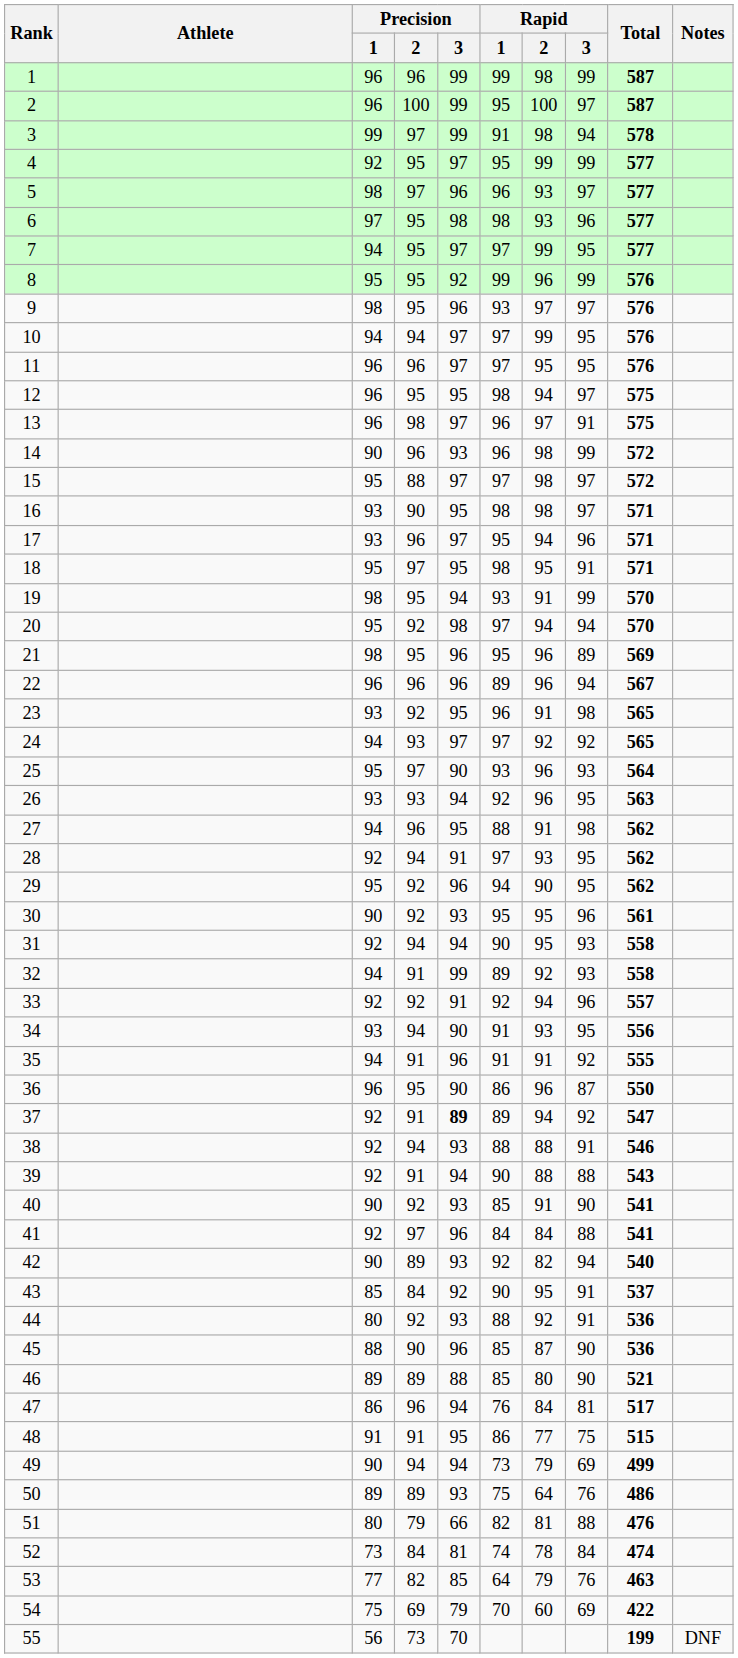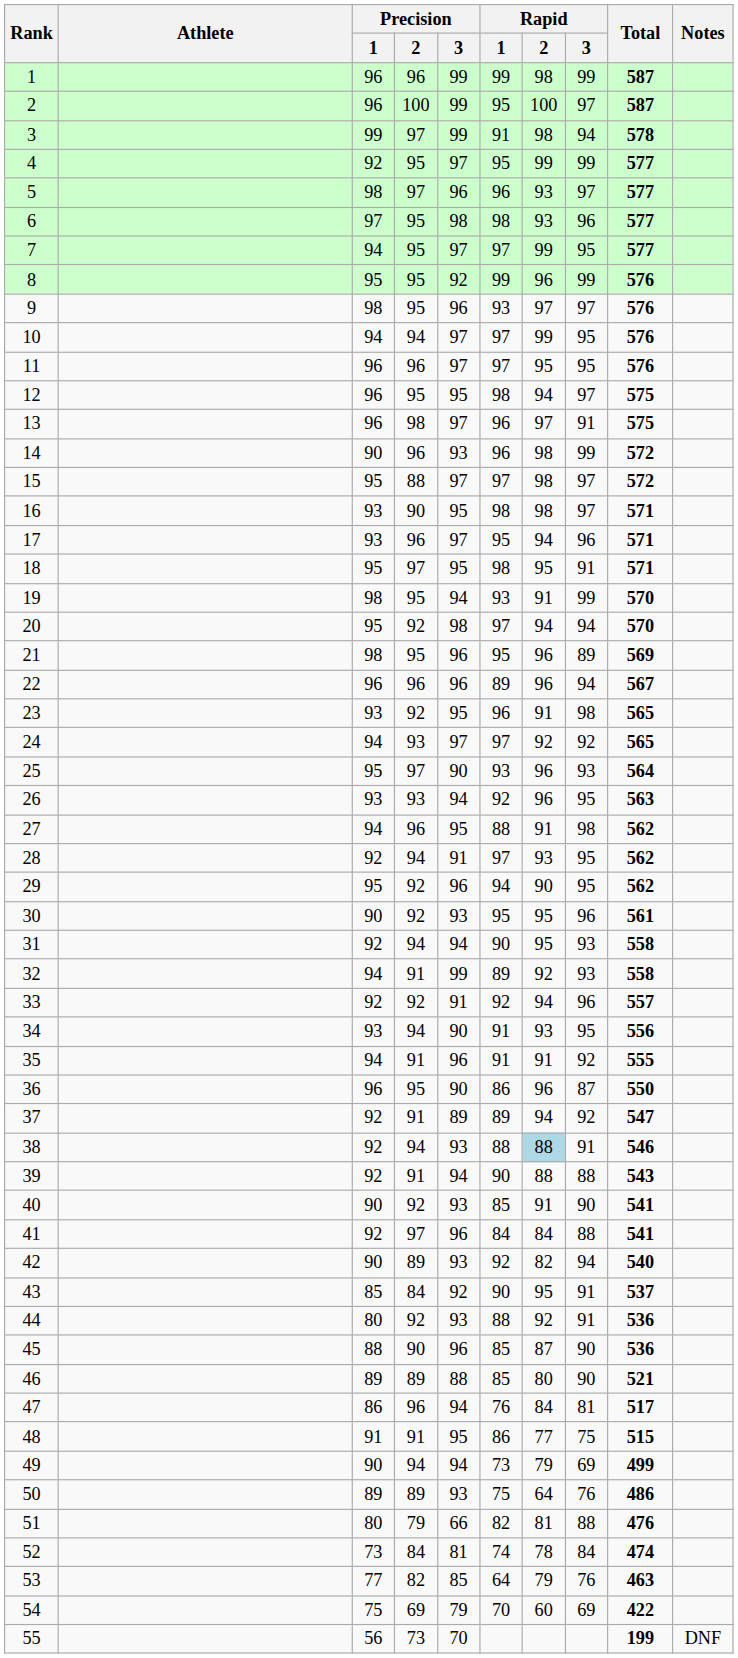 <table class="wikitable" style="text-align:center">
 <tr>
 <th rowspan=2 width=40>Rank</th>
 <th rowspan=2 width=250>Athlete</th>
 <th colspan=3>Precision</th>
 <th colspan=3>Rapid</th>
 <th rowspan=2 width=50>Total</th>
 <th rowspan=2 width=45>Notes</th>
 </tr>
 <tr>
 <th width=30>1</th>
 <th width=30>2</th>
 <th width=30>3</th>
 <th width=30>1</th>
 <th width=30>2</th>
 <th width=30>3</th>
 </tr>
 <tr bgcolor=ccffcc>
 <td>1</td>
 <td align=left></td>
 <td>96</td>
 <td>96</td>
 <td>99</td>
 <td>99</td>
 <td>98</td>
 <td>99</td>
 <td><strong>587</strong></td>
 <td></td>
 </tr>
 <tr bgcolor=ccffcc>
 <td>2</td>
 <td align=left></td>
 <td>96</td>
 <td>100</td>
 <td>99</td>
 <td>95</td>
 <td>100</td>
 <td>97</td>
 <td><strong>587</strong></td>
 <td></td>
 </tr>
 <tr bgcolor=ccffcc>
 <td>3</td>
 <td align=left></td>
 <td>99</td>
 <td>97</td>
 <td>99</td>
 <td>91</td>
 <td>98</td>
 <td>94</td>
 <td><strong>578</strong></td>
 <td></td>
 </tr>
 <tr bgcolor=ccffcc>
 <td>4</td>
 <td align=left></td>
 <td>92</td>
 <td>95</td>
 <td>97</td>
 <td>95</td>
 <td>99</td>
 <td>99</td>
 <td><strong>577</strong></td>
 <td></td>
 </tr>
 <tr bgcolor=ccffcc>
 <td>5</td>
 <td align=left></td>
 <td>98</td>
 <td>97</td>
 <td>96</td>
 <td>96</td>
 <td>93</td>
 <td>97</td>
 <td><strong>577</strong></td>
 <td></td>
 </tr>
 <tr bgcolor=ccffcc>
 <td>6</td>
 <td align=left></td>
 <td>97</td>
 <td>95</td>
 <td>98</td>
 <td>98</td>
 <td>93</td>
 <td>96</td>
 <td><strong>577</strong></td>
 <td></td>
 </tr>
 <tr bgcolor=ccffcc>
 <td>7</td>
 <td align=left></td>
 <td>94</td>
 <td>95</td>
 <td>97</td>
 <td>97</td>
 <td>99</td>
 <td>95</td>
 <td><strong>577</strong></td>
 <td></td>
 </tr>
 <tr bgcolor=ccffcc>
 <td>8</td>
 <td align=left></td>
 <td>95</td>
 <td>95</td>
 <td>92</td>
 <td>99</td>
 <td>96</td>
 <td>99</td>
 <td><strong>576</strong></td>
 <td></td>
 </tr>
 <tr>
 <td>9</td>
 <td align=left></td>
 <td>98</td>
 <td>95</td>
 <td>96</td>
 <td>93</td>
 <td>97</td>
 <td>97</td>
 <td><strong>576</strong></td>
 <td></td>
 </tr>
 <tr>
 <td>10</td>
 <td align=left></td>
 <td>94</td>
 <td>94</td>
 <td>97</td>
 <td>97</td>
 <td>99</td>
 <td>95</td>
 <td><strong>576</strong></td>
 <td></td>
 </tr>
 <tr>
 <td>11</td>
 <td align=left></td>
 <td>96</td>
 <td>96</td>
 <td>97</td>
 <td>97</td>
 <td>95</td>
 <td>95</td>
 <td><strong>576</strong></td>
 <td></td>
 </tr>
 <tr>
 <td>12</td>
 <td align=left></td>
 <td>96</td>
 <td>95</td>
 <td>95</td>
 <td>98</td>
 <td>94</td>
 <td>97</td>
 <td><strong>575</strong></td>
 <td></td>
 </tr>
 <tr>
 <td>13</td>
 <td align=left></td>
 <td>96</td>
 <td>98</td>
 <td>97</td>
 <td>96</td>
 <td>97</td>
 <td>91</td>
 <td><strong>575</strong></td>
 <td></td>
 </tr>
 <tr>
 <td>14</td>
 <td align=left></td>
 <td>90</td>
 <td>96</td>
 <td>93</td>
 <td>96</td>
 <td>98</td>
 <td>99</td>
 <td><strong>572</strong></td>
 <td></td>
 </tr>
 <tr>
 <td>15</td>
 <td align=left></td>
 <td>95</td>
 <td>88</td>
 <td>97</td>
 <td>97</td>
 <td>98</td>
 <td>97</td>
 <td><strong>572</strong></td>
 <td></td>
 </tr>
 <tr>
 <td>16</td>
 <td align=left></td>
 <td>93</td>
 <td>90</td>
 <td>95</td>
 <td>98</td>
 <td>98</td>
 <td>97</td>
 <td><strong>571</strong></td>
 <td></td>
 </tr>
 <tr>
 <td>17</td>
 <td align=left></td>
 <td>93</td>
 <td>96</td>
 <td>97</td>
 <td>95</td>
 <td>94</td>
 <td>96</td>
 <td><strong>571</strong></td>
 <td></td>
 </tr>
 <tr>
 <td>18</td>
 <td align=left></td>
 <td>95</td>
 <td>97</td>
 <td>95</td>
 <td>98</td>
 <td>95</td>
 <td>91</td>
 <td><strong>571</strong></td>
 <td></td>
 </tr>
 <tr>
 <td>19</td>
 <td align=left></td>
 <td>98</td>
 <td>95</td>
 <td>94</td>
 <td>93</td>
 <td>91</td>
 <td>99</td>
 <td><strong>570</strong></td>
 <td></td>
 </tr>
 <tr>
 <td>20</td>
 <td align=left></td>
 <td>95</td>
 <td>92</td>
 <td>98</td>
 <td>97</td>
 <td>94</td>
 <td>94</td>
 <td><strong>570</strong></td>
 <td></td>
 </tr>
 <tr>
 <td>21</td>
 <td align=left></td>
 <td>98</td>
 <td>95</td>
 <td>96</td>
 <td>95</td>
 <td>96</td>
 <td>89</td>
 <td><strong>569</strong></td>
 <td></td>
 </tr>
 <tr>
 <td>22</td>
 <td align=left></td>
 <td>96</td>
 <td>96</td>
 <td>96</td>
 <td>89</td>
 <td>96</td>
 <td>94</td>
 <td><strong>567</strong></td>
 <td></td>
 </tr>
 <tr>
 <td>23</td>
 <td align=left></td>
 <td>93</td>
 <td>92</td>
 <td>95</td>
 <td>96</td>
 <td>91</td>
 <td>98</td>
 <td><strong>565</strong></td>
 <td></td>
 </tr>
 <tr>
 <td>24</td>
 <td align=left></td>
 <td>94</td>
 <td>93</td>
 <td>97</td>
 <td>97</td>
 <td>92</td>
 <td>92</td>
 <td><strong>565</strong></td>
 <td></td>
 </tr>
 <tr>
 <td>25</td>
 <td align=left></td>
 <td>95</td>
 <td>97</td>
 <td>90</td>
 <td>93</td>
 <td>96</td>
 <td>93</td>
 <td><strong>564</strong></td>
 <td></td>
 </tr>
 <tr>
 <td>26</td>
 <td align=left></td>
 <td>93</td>
 <td>93</td>
 <td>94</td>
 <td>92</td>
 <td>96</td>
 <td>95</td>
 <td><strong>563</strong></td>
 <td></td>
 </tr>
 <tr>
 <td>27</td>
 <td align=left></td>
 <td>94</td>
 <td>96</td>
 <td>95</td>
 <td>88</td>
 <td>91</td>
 <td>98</td>
 <td><strong>562</strong></td>
 <td></td>
 </tr>
 <tr>
 <td>28</td>
 <td align=left></td>
 <td>92</td>
 <td>94</td>
 <td>91</td>
 <td>97</td>
 <td>93</td>
 <td>95</td>
 <td><strong>562</strong></td>
 <td></td>
 </tr>
 <tr>
 <td>29</td>
 <td align=left></td>
 <td>95</td>
 <td>92</td>
 <td>96</td>
 <td>94</td>
 <td>90</td>
 <td>95</td>
 <td><strong>562</strong></td>
 <td></td>
 </tr>
 <tr>
 <td>30</td>
 <td align=left></td>
 <td>90</td>
 <td>92</td>
 <td>93</td>
 <td>95</td>
 <td>95</td>
 <td>96</td>
 <td><strong>561</strong></td>
 <td></td>
 </tr>
 <tr>
 <td>31</td>
 <td align=left></td>
 <td>92</td>
 <td>94</td>
 <td>94</td>
 <td>90</td>
 <td>95</td>
 <td>93</td>
 <td><strong>558</strong></td>
 <td></td>
 </tr>
 <tr>
 <td>32</td>
 <td align=left></td>
 <td>94</td>
 <td>91</td>
 <td>99</td>
 <td>89</td>
 <td>92</td>
 <td>93</td>
 <td><strong>558</strong></td>
 <td></td>
 </tr>
 <tr>
 <td>33</td>
 <td align=left></td>
 <td>92</td>
 <td>92</td>
 <td>91</td>
 <td>92</td>
 <td>94</td>
 <td>96</td>
 <td><strong>557</strong></td>
 <td></td>
 </tr>
 <tr>
 <td>34</td>
 <td align=left></td>
 <td>93</td>
 <td>94</td>
 <td>90</td>
 <td>91</td>
 <td>93</td>
 <td>95</td>
 <td><strong>556</strong></td>
 <td></td>
 </tr>
 <tr>
 <td>35</td>
 <td align=left></td>
 <td>94</td>
 <td>91</td>
 <td>96</td>
 <td>91</td>
 <td>91</td>
 <td>92</td>
 <td><strong>555</strong></td>
 <td></td>
 </tr>
 <tr>
 <td>36</td>
 <td align=left></td>
 <td>96</td>
 <td>95</td>
 <td>90</td>
 <td>86</td>
 <td>96</td>
 <td>87</td>
 <td><strong>550</strong></td>
 <td></td>
 </tr>
 <tr>
 <td>37</td>
 <td align=left></td>
 <td>92</td>
 <td>91</td>
-<td><strong>89</strong></td>
+<td>89</td>
 <td>89</td>
 <td>94</td>
 <td>92</td>
 <td><strong>547</strong></td>
 <td></td>
 </tr>
 <tr>
 <td>38</td>
 <td align=left></td>
 <td>92</td>
 <td>94</td>
 <td>93</td>
 <td>88</td>
-<td>88</td>
+<td style="background: lightblue;">88</td>
 <td>91</td>
 <td><strong>546</strong></td>
 <td></td>
 </tr>
 <tr>
 <td>39</td>
 <td align=left></td>
 <td>92</td>
 <td>91</td>
 <td>94</td>
 <td>90</td>
 <td>88</td>
 <td>88</td>
 <td><strong>543</strong></td>
 <td></td>
 </tr>
 <tr>
 <td>40</td>
 <td align=left></td>
 <td>90</td>
 <td>92</td>
 <td>93</td>
 <td>85</td>
 <td>91</td>
 <td>90</td>
 <td><strong>541</strong></td>
 <td></td>
 </tr>
 <tr>
 <td>41</td>
 <td align=left></td>
 <td>92</td>
 <td>97</td>
 <td>96</td>
 <td>84</td>
 <td>84</td>
 <td>88</td>
 <td><strong>541</strong></td>
 <td></td>
 </tr>
 <tr>
 <td>42</td>
 <td align=left></td>
 <td>90</td>
 <td>89</td>
 <td>93</td>
 <td>92</td>
 <td>82</td>
 <td>94</td>
 <td><strong>540</strong></td>
 <td></td>
 </tr>
 <tr>
 <td>43</td>
 <td align=left></td>
 <td>85</td>
 <td>84</td>
 <td>92</td>
 <td>90</td>
 <td>95</td>
 <td>91</td>
 <td><strong>537</strong></td>
 <td></td>
 </tr>
 <tr>
 <td>44</td>
 <td align=left></td>
 <td>80</td>
 <td>92</td>
 <td>93</td>
 <td>88</td>
 <td>92</td>
 <td>91</td>
 <td><strong>536</strong></td>
 <td></td>
 </tr>
 <tr>
 <td>45</td>
 <td align=left></td>
 <td>88</td>
 <td>90</td>
 <td>96</td>
 <td>85</td>
 <td>87</td>
 <td>90</td>
 <td><strong>536</strong></td>
 <td></td>
 </tr>
 <tr>
 <td>46</td>
 <td align=left></td>
 <td>89</td>
 <td>89</td>
 <td>88</td>
 <td>85</td>
 <td>80</td>
 <td>90</td>
 <td><strong>521</strong></td>
 <td></td>
 </tr>
 <tr>
 <td>47</td>
 <td align=left></td>
 <td>86</td>
 <td>96</td>
 <td>94</td>
 <td>76</td>
 <td>84</td>
 <td>81</td>
 <td><strong>517</strong></td>
 <td></td>
 </tr>
 <tr>
 <td>48</td>
 <td align=left></td>
 <td>91</td>
 <td>91</td>
 <td>95</td>
 <td>86</td>
 <td>77</td>
 <td>75</td>
 <td><strong>515</strong></td>
 <td></td>
 </tr>
 <tr>
 <td>49</td>
 <td align=left></td>
 <td>90</td>
 <td>94</td>
 <td>94</td>
 <td>73</td>
 <td>79</td>
 <td>69</td>
 <td><strong>499</strong></td>
 <td></td>
 </tr>
 <tr>
 <td>50</td>
 <td align=left></td>
 <td>89</td>
 <td>89</td>
 <td>93</td>
 <td>75</td>
 <td>64</td>
 <td>76</td>
 <td><strong>486</strong></td>
 <td></td>
 </tr>
 <tr>
 <td>51</td>
 <td align=left></td>
 <td>80</td>
 <td>79</td>
 <td>66</td>
 <td>82</td>
 <td>81</td>
 <td>88</td>
 <td><strong>476</strong></td>
 <td></td>
 </tr>
 <tr>
 <td>52</td>
 <td align=left></td>
 <td>73</td>
 <td>84</td>
 <td>81</td>
 <td>74</td>
 <td>78</td>
 <td>84</td>
 <td><strong>474</strong></td>
 <td></td>
 </tr>
 <tr>
 <td>53</td>
 <td align=left></td>
 <td>77</td>
 <td>82</td>
 <td>85</td>
 <td>64</td>
 <td>79</td>
 <td>76</td>
 <td><strong>463</strong></td>
 <td></td>
 </tr>
 <tr>
 <td>54</td>
 <td align=left></td>
 <td>75</td>
 <td>69</td>
 <td>79</td>
 <td>70</td>
 <td>60</td>
 <td>69</td>
 <td><strong>422</strong></td>
 <td></td>
 </tr>
 <tr>
 <td>55</td>
 <td align=left></td>
 <td>56</td>
 <td>73</td>
 <td>70</td>
 <td></td>
 <td></td>
 <td></td>
 <td><strong>199</strong></td>
 <td>DNF</td>
 </tr>
 </table>
